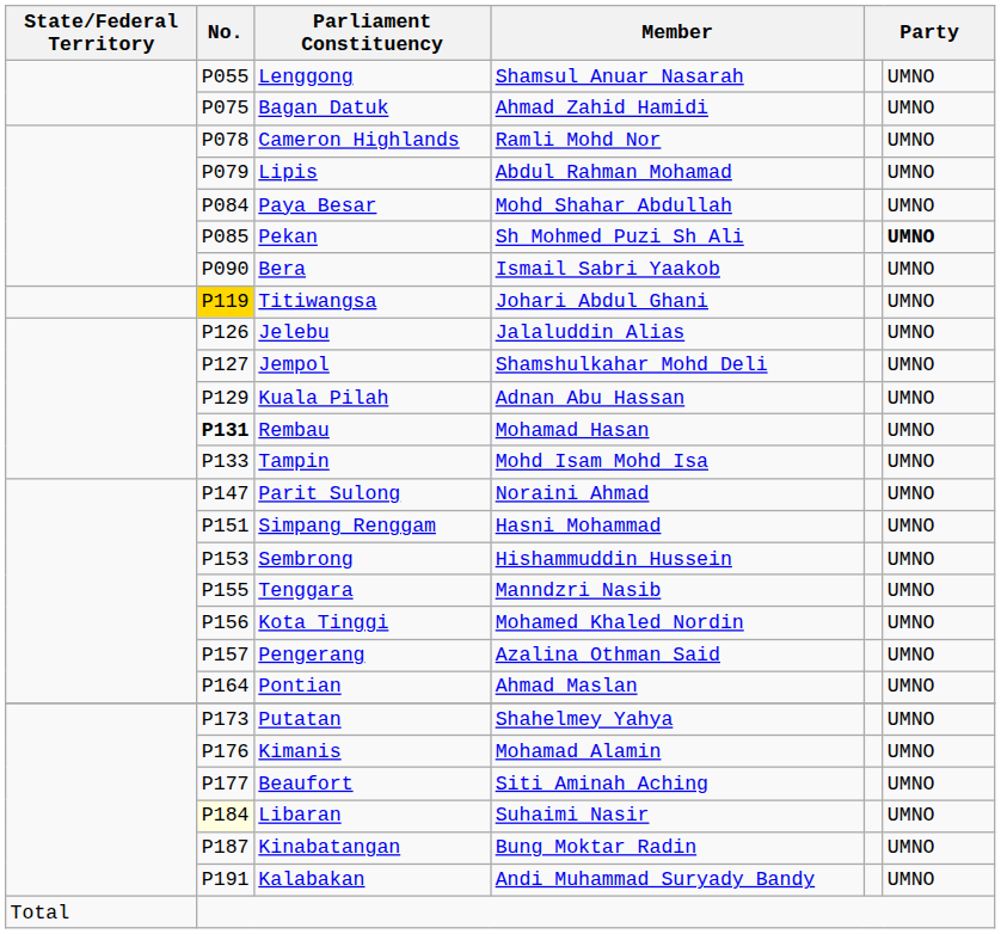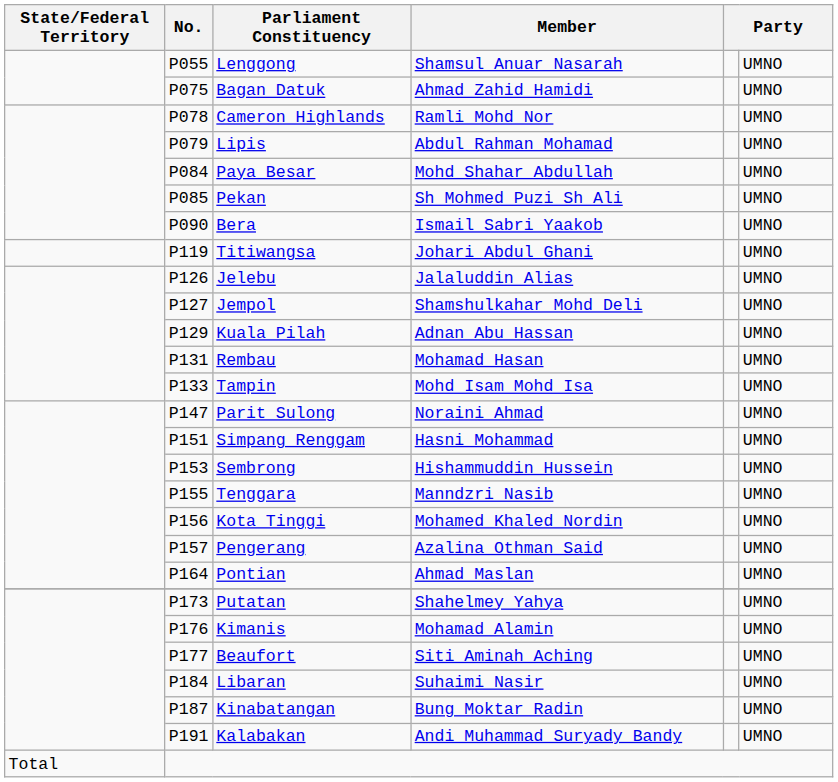 <table class ="wikitable sortable">
 <tr>
 <th style="width:120px;">State/Federal Territory</th>
 <th style="width:30px;">No.</th>
 <th style="width:150px;">Parliament Constituency</th>
 <th style="width:240px;">Member</th>
 <th style="width:80px;" colspan=2>Party</th>
 </tr>
 <tr>
 <td rowspan="2"></td>
 <td>P055</td>
 <td><a href='#'>Lenggong</a></td>
 <td><a href='#'>Shamsul Anuar Nasarah</a></td>
 <td></td>
 <td>UMNO</td>
 </tr>
 <tr>
 <td>P075</td>
 <td><a href='#'>Bagan Datuk</a></td>
 <td><a href='#'>Ahmad Zahid Hamidi</a></td>
 <td></td>
 <td>UMNO</td>
 </tr>
 <tr>
 <td rowspan="5"></td>
 <td>P078</td>
 <td><a href='#'>Cameron Highlands</a></td>
 <td><a href='#'>Ramli Mohd Nor</a></td>
 <td></td>
 <td>UMNO</td>
 </tr>
 <tr>
 <td>P079</td>
 <td><a href='#'>Lipis</a></td>
 <td><a href='#'>Abdul Rahman Mohamad</a></td>
 <td></td>
 <td>UMNO</td>
 </tr>
 <tr>
 <td>P084</td>
 <td><a href='#'>Paya Besar</a></td>
 <td><a href='#'>Mohd Shahar Abdullah</a></td>
 <td></td>
 <td>UMNO</td>
 </tr>
 <tr>
 <td>P085</td>
 <td><a href='#'>Pekan</a></td>
 <td><a href='#'>Sh Mohmed Puzi Sh Ali</a></td>
 <td></td>
-<td><strong>UMNO</strong></td>
+<td>UMNO</td>
 </tr>
 <tr>
 <td>P090</td>
 <td><a href='#'>Bera</a></td>
 <td><a href='#'>Ismail Sabri Yaakob</a></td>
 <td></td>
 <td>UMNO</td>
 </tr>
 <tr>
 <td rowspan="1"></td>
-<td style="background: gold;">P119</td>
+<td>P119</td>
 <td><a href='#'>Titiwangsa</a></td>
 <td><a href='#'>Johari Abdul Ghani</a></td>
 <td></td>
 <td>UMNO</td>
 </tr>
 <tr>
 <td rowspan="5"></td>
 <td>P126</td>
 <td><a href='#'>Jelebu</a></td>
 <td><a href='#'>Jalaluddin Alias</a></td>
 <td></td>
 <td>UMNO</td>
 </tr>
 <tr>
 <td>P127</td>
 <td><a href='#'>Jempol</a></td>
 <td><a href='#'>Shamshulkahar Mohd Deli</a></td>
 <td></td>
 <td>UMNO</td>
 </tr>
 <tr>
 <td>P129</td>
 <td><a href='#'>Kuala Pilah</a></td>
 <td><a href='#'>Adnan Abu Hassan</a></td>
 <td></td>
 <td>UMNO</td>
 </tr>
 <tr>
-<td><strong>P131</strong></td>
+<td>P131</td>
 <td><a href='#'>Rembau</a></td>
 <td><a href='#'>Mohamad Hasan</a></td>
 <td></td>
 <td>UMNO</td>
 </tr>
 <tr>
 <td>P133</td>
 <td><a href='#'>Tampin</a></td>
 <td><a href='#'>Mohd Isam Mohd Isa</a></td>
 <td></td>
 <td>UMNO</td>
 </tr>
 <tr>
 <td rowspan="7"></td>
 <td>P147</td>
 <td><a href='#'>Parit Sulong</a></td>
 <td><a href='#'>Noraini Ahmad</a></td>
 <td></td>
 <td>UMNO</td>
 </tr>
 <tr>
 <td>P151</td>
 <td><a href='#'>Simpang Renggam</a></td>
 <td><a href='#'>Hasni Mohammad</a></td>
 <td></td>
 <td>UMNO</td>
 </tr>
 <tr>
 <td>P153</td>
 <td><a href='#'>Sembrong</a></td>
 <td><a href='#'>Hishammuddin Hussein</a></td>
 <td></td>
 <td>UMNO</td>
 </tr>
 <tr>
 <td>P155</td>
 <td><a href='#'>Tenggara</a></td>
 <td><a href='#'>Manndzri Nasib</a></td>
 <td></td>
 <td>UMNO</td>
 </tr>
 <tr>
 <td>P156</td>
 <td><a href='#'>Kota Tinggi</a></td>
 <td><a href='#'>Mohamed Khaled Nordin</a></td>
 <td></td>
 <td>UMNO</td>
 </tr>
 <tr>
 <td>P157</td>
 <td><a href='#'>Pengerang</a></td>
 <td><a href='#'>Azalina Othman Said</a></td>
 <td></td>
 <td>UMNO</td>
 </tr>
 <tr>
 <td>P164</td>
 <td><a href='#'>Pontian</a></td>
 <td><a href='#'>Ahmad Maslan</a></td>
 <td></td>
 <td>UMNO</td>
 </tr>
 <tr>
 </tr>
 <tr>
 <td rowspan="6"></td>
 <td>P173</td>
 <td><a href='#'>Putatan</a></td>
 <td><a href='#'>Shahelmey Yahya</a></td>
 <td></td>
 <td>UMNO</td>
 </tr>
 <tr>
 <td>P176</td>
 <td><a href='#'>Kimanis</a></td>
 <td><a href='#'>Mohamad Alamin</a></td>
 <td></td>
 <td>UMNO</td>
 </tr>
 <tr>
 <td>P177</td>
 <td><a href='#'>Beaufort</a></td>
 <td><a href='#'>Siti Aminah Aching</a></td>
 <td></td>
 <td>UMNO</td>
 </tr>
 <tr>
-<td style="background: lightyellow;">P184</td>
+<td>P184</td>
 <td><a href='#'>Libaran</a></td>
 <td><a href='#'>Suhaimi Nasir</a></td>
 <td></td>
 <td>UMNO</td>
 </tr>
 <tr>
 <td>P187</td>
 <td><a href='#'>Kinabatangan</a></td>
 <td><a href='#'>Bung Moktar Radin</a></td>
 <td></td>
 <td>UMNO</td>
 </tr>
 <tr>
 <td>P191</td>
 <td><a href='#'>Kalabakan</a></td>
 <td><a href='#'>Andi Muhammad Suryady Bandy</a></td>
 <td></td>
 <td>UMNO</td>
 </tr>
 <tr>
 <td>Total</td>
 <td colspan="6" style="width:30px;"></td>
 </tr>
 </table>
